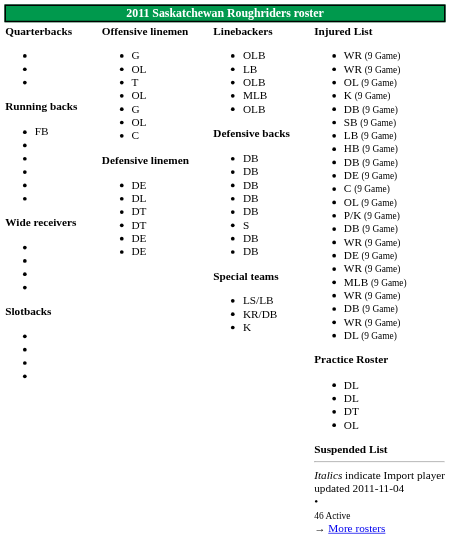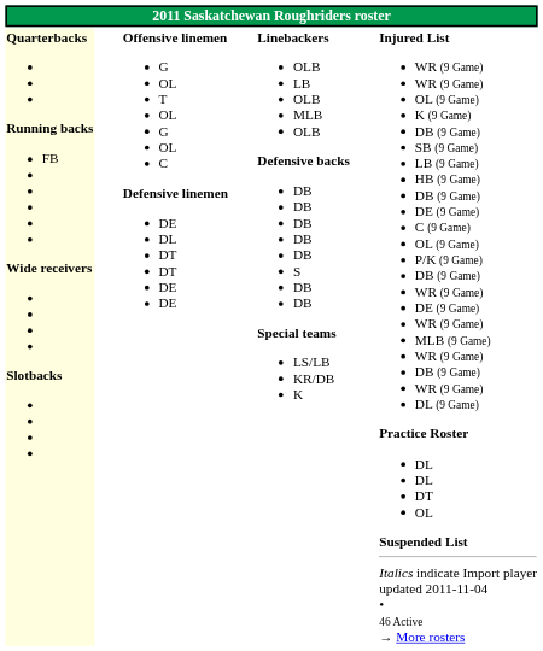 <table class="toccolours" style="text-align: left;">
 <tr>
 <th colspan="7" style="text-align:center; background-color: #00994D; color: white; border:2px solid black;">2011 Saskatchewan Roughriders roster</th>
 </tr>
 <tr>
-<td style="font-size: 95%;" valign="top"><strong>Quarterbacks</strong><br><ul><li></li><li></li><li></li></ul><strong>Running backs</strong><ul><li> FB</li><li></li><li></li><li></li><li></li><li></li></ul><strong>Wide receivers</strong><ul><li></li><li></li><li></li><li></li></ul><strong>Slotbacks</strong><ul><li></li><li></li><li></li><li></li></ul></td>
+<td style="background: lightyellow; font-size: 95%;" valign="top"><strong>Quarterbacks</strong><br><ul><li></li><li></li><li></li></ul><strong>Running backs</strong><ul><li> FB</li><li></li><li></li><li></li><li></li><li></li></ul><strong>Wide receivers</strong><ul><li></li><li></li><li></li><li></li></ul><strong>Slotbacks</strong><ul><li></li><li></li><li></li><li></li></ul></td>
 <td style="width: 25px;"></td>
 <td style="font-size: 95%;" valign="top"><strong>Offensive linemen</strong><br><ul><li> G</li><li> OL</li><li> T</li><li> OL</li><li> G</li><li> OL</li><li> C</li></ul><strong>Defensive linemen</strong><ul><li> DE</li><li> DL</li><li> DT</li><li> DT</li><li> DE</li><li> DE</li></ul></td>
 <td style="width: 25px;"></td>
 <td style="font-size: 95%;" valign="top"><strong>Linebackers</strong><br><ul><li> OLB</li><li> LB</li><li> OLB</li><li> MLB</li><li> OLB</li></ul><strong>Defensive backs</strong><ul><li> DB</li><li> DB</li><li> DB</li><li> DB</li><li> DB</li><li> S</li><li> DB</li><li> DB</li></ul><strong>Special teams</strong><ul><li> LS/LB</li><li> KR/DB</li><li> K</li></ul></td>
 <td style="width: 25px;"></td>
 <td style="font-size: 95%;" valign="top"><strong>Injured List</strong><br><ul><li> WR  <small>(9 Game)</small></li><li> WR  <small>(9 Game)</small></li><li> OL  <small>(9 Game)</small></li><li> K  <small>(9 Game)</small></li><li> DB  <small>(9 Game)</small></li><li> SB  <small>(9 Game)</small></li><li> LB  <small>(9 Game)</small></li><li> HB  <small>(9 Game)</small></li><li> DB  <small>(9 Game)</small></li><li> DE  <small>(9 Game)</small></li><li> C  <small>(9 Game)</small></li><li> OL  <small>(9 Game)</small></li><li> P/K  <small>(9 Game)</small></li><li> DB  <small>(9 Game)</small></li><li> WR  <small>(9 Game)</small></li><li> DE  <small>(9 Game)</small></li><li> WR  <small>(9 Game)</small></li><li> MLB  <small>(9 Game)</small></li><li> WR  <small>(9 Game)</small></li><li> DB  <small>(9 Game)</small></li><li> WR  <small>(9 Game)</small></li><li> DL  <small>(9 Game)</small></li></ul><strong>Practice Roster</strong><ul><li> DL</li><li> DL</li><li> DT</li><li> OL</li></ul><strong>Suspended List</strong><br><hr> <em>Italics</em> indicate Import player<br> <span></span> updated 2011-11-04<br> <span></span> • <span></span><br> <small>46 Active</small><br>→ <a href='#'>More rosters</a></td>
 </tr>
 <tr>
 </tr>
 </table>
